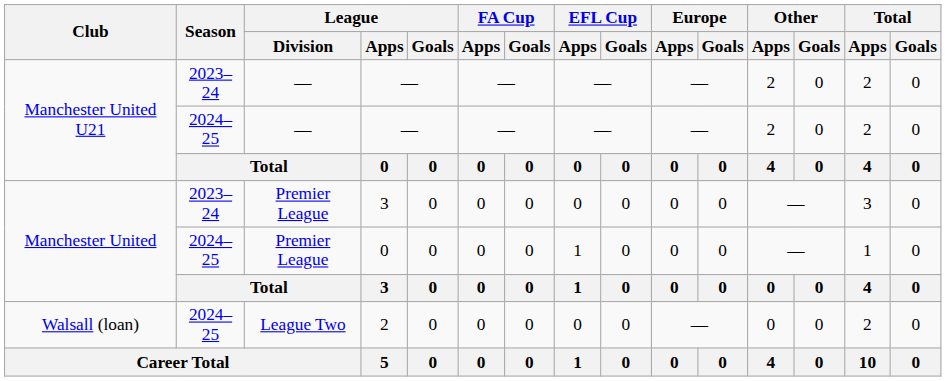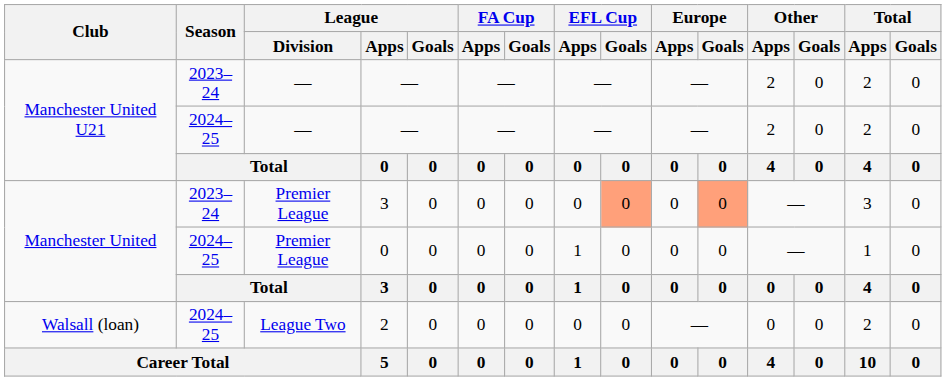 <table class="wikitable" style="text-align: center;">
 <tr>
 <th rowspan="2">Club</th>
 <th rowspan="2">Season</th>
 <th colspan="3">League</th>
 <th colspan="2"><a href='#'>FA Cup</a></th>
 <th colspan="2"><a href='#'>EFL Cup</a></th>
 <th colspan="2">Europe</th>
 <th colspan="2">Other</th>
 <th colspan="2">Total</th>
 </tr>
 <tr>
 <th>Division</th>
 <th>Apps</th>
 <th>Goals</th>
 <th>Apps</th>
 <th>Goals</th>
 <th>Apps</th>
 <th>Goals</th>
 <th>Apps</th>
 <th>Goals</th>
 <th>Apps</th>
 <th>Goals</th>
 <th>Apps</th>
 <th>Goals</th>
 </tr>
 <tr>
 <td rowspan="3"><a href='#'>Manchester United U21</a></td>
 <td><a href='#'>2023–24</a></td>
 <td>—</td>
 <td colspan="2">—</td>
 <td colspan="2">—</td>
 <td colspan="2">—</td>
 <td colspan="2">—</td>
 <td>2</td>
 <td>0</td>
 <td>2</td>
 <td>0</td>
 </tr>
 <tr>
 <td><a href='#'>2024–25</a></td>
 <td>—</td>
 <td colspan="2">—</td>
 <td colspan="2">—</td>
 <td colspan="2">—</td>
 <td colspan="2">—</td>
 <td>2</td>
 <td>0</td>
 <td>2</td>
 <td>0</td>
 </tr>
 <tr>
 <th colspan="2">Total</th>
 <th>0</th>
 <th>0</th>
 <th>0</th>
 <th>0</th>
 <th>0</th>
 <th>0</th>
 <th>0</th>
 <th>0</th>
 <th>4</th>
 <th>0</th>
 <th>4</th>
 <th>0</th>
 </tr>
 <tr>
 <td rowspan="3"><a href='#'>Manchester United</a></td>
 <td><a href='#'>2023–24</a></td>
 <td><a href='#'>Premier League</a></td>
 <td>3</td>
 <td>0</td>
 <td>0</td>
 <td>0</td>
 <td>0</td>
+<td style="background: lightsalmon;">0</td>
 <td>0</td>
-<td>0</td>
-<td>0</td>
+<td style="background: lightsalmon;">0</td>
 <td colspan="2">—</td>
 <td>3</td>
 <td>0</td>
 </tr>
 <tr>
 <td><a href='#'>2024–25</a></td>
 <td><a href='#'>Premier League</a></td>
 <td>0</td>
 <td>0</td>
 <td>0</td>
 <td>0</td>
 <td>1</td>
 <td>0</td>
 <td>0</td>
 <td>0</td>
 <td colspan="2">—</td>
 <td>1</td>
 <td>0</td>
 </tr>
 <tr>
 <th colspan="2">Total</th>
 <th>3</th>
 <th>0</th>
 <th>0</th>
 <th>0</th>
 <th>1</th>
 <th>0</th>
 <th>0</th>
 <th>0</th>
 <th>0</th>
 <th>0</th>
 <th>4</th>
 <th>0</th>
 </tr>
 <tr>
 <td><a href='#'>Walsall</a> (loan)</td>
 <td><a href='#'>2024–25</a></td>
 <td><a href='#'>League Two</a></td>
 <td>2</td>
 <td>0</td>
 <td>0</td>
 <td>0</td>
 <td>0</td>
 <td>0</td>
 <td colspan="2">—</td>
 <td>0</td>
 <td>0</td>
 <td>2</td>
 <td>0</td>
 </tr>
 <tr>
 <th colspan="3">Career Total</th>
 <th>5</th>
 <th>0</th>
 <th>0</th>
 <th>0</th>
 <th>1</th>
 <th>0</th>
 <th>0</th>
 <th>0</th>
 <th>4</th>
 <th>0</th>
 <th>10</th>
 <th>0</th>
 </tr>
 </table>
